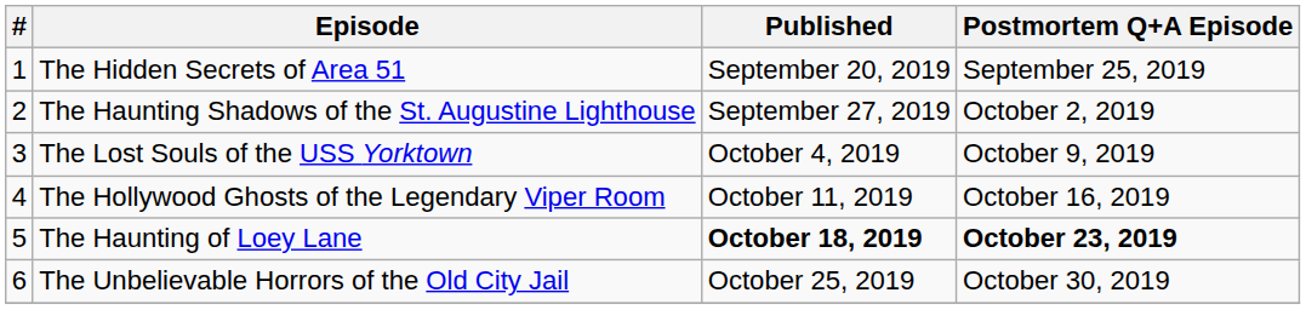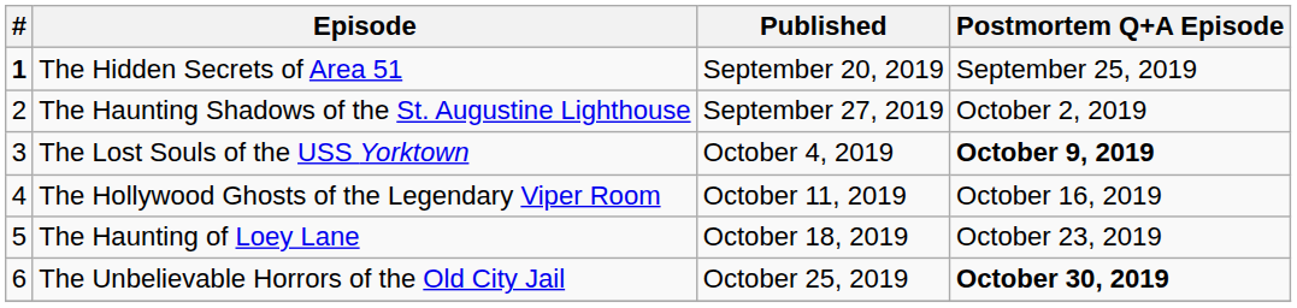 <table class="wikitable mw-collapsible">
 <tr>
 <th>#</th>
 <th>Episode</th>
 <th>Published</th>
 <th>Postmortem Q+A Episode</th>
 </tr>
 <tr>
-<td>1</td>
+<td><strong>1</strong></td>
 <td>The Hidden Secrets of <a href='#'>Area 51</a></td>
 <td>September 20, 2019</td>
 <td>September 25, 2019</td>
 </tr>
 <tr>
 <td>2</td>
 <td>The Haunting Shadows of the <a href='#'>St. Augustine Lighthouse</a></td>
 <td>September 27, 2019</td>
 <td>October 2, 2019</td>
 </tr>
 <tr>
 <td>3</td>
 <td>The Lost Souls of the <a href='#'>USS <em>Yorktown</em></a></td>
 <td>October 4, 2019</td>
-<td>October 9, 2019</td>
+<td><strong>October 9, 2019</strong></td>
 </tr>
 <tr>
 <td>4</td>
 <td>The Hollywood Ghosts of the Legendary <a href='#'>Viper Room</a></td>
 <td>October 11, 2019</td>
 <td>October 16, 2019</td>
 </tr>
 <tr>
 <td>5</td>
 <td>The Haunting of <a href='#'>Loey Lane</a></td>
-<td><strong>October 18, 2019</strong></td>
-<td><strong>October 23, 2019</strong></td>
+<td>October 18, 2019</td>
+<td>October 23, 2019</td>
 </tr>
 <tr>
 <td>6</td>
 <td>The Unbelievable Horrors of the <a href='#'>Old City Jail</a></td>
 <td>October 25, 2019</td>
-<td>October 30, 2019</td>
+<td><strong>October 30, 2019</strong></td>
 </tr>
 <tr>
 </tr>
 </table>
